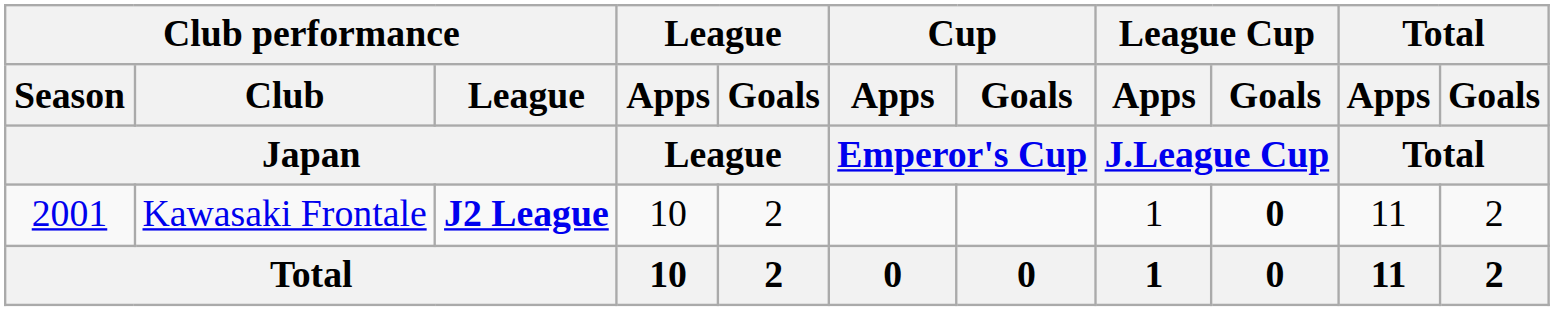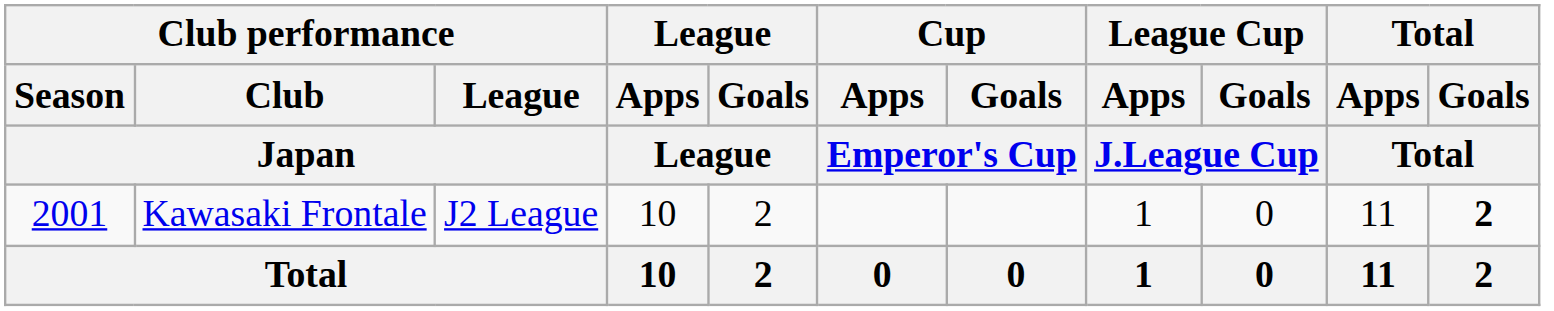 <table class="wikitable" style="text-align:center;">
 <tr>
 <th colspan=3>Club performance</th>
 <th colspan=2>League</th>
 <th colspan=2>Cup</th>
 <th colspan=2>League Cup</th>
 <th colspan=2>Total</th>
 </tr>
 <tr>
 <th>Season</th>
 <th>Club</th>
 <th>League</th>
 <th>Apps</th>
 <th>Goals</th>
 <th>Apps</th>
 <th>Goals</th>
 <th>Apps</th>
 <th>Goals</th>
 <th>Apps</th>
 <th>Goals</th>
 </tr>
 <tr>
 <th colspan=3>Japan</th>
 <th colspan=2>League</th>
 <th colspan=2><a href='#'>Emperor's Cup</a></th>
 <th colspan=2><a href='#'>J.League Cup</a></th>
 <th colspan=2>Total</th>
 </tr>
 <tr>
 <td><a href='#'>2001</a></td>
 <td><a href='#'>Kawasaki Frontale</a></td>
-<td><strong><a href='#'>J2 League</a></strong></td>
+<td><a href='#'>J2 League</a></td>
 <td>10</td>
 <td>2</td>
 <td></td>
 <td></td>
 <td>1</td>
-<td><strong>0</strong></td>
+<td>0</td>
 <td>11</td>
-<td>2</td>
+<td><strong>2</strong></td>
 </tr>
 <tr>
 <th colspan=3>Total</th>
 <th>10</th>
 <th>2</th>
 <th>0</th>
 <th>0</th>
 <th>1</th>
 <th>0</th>
 <th>11</th>
 <th>2</th>
 </tr>
 </table>
